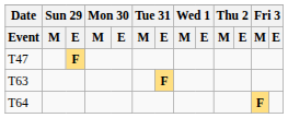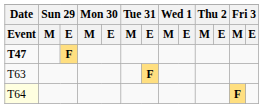 <table class="wikitable" style="margin:0.5em auto; font-size:90%; line-height:1.25em;">
 <tr align="center">
 </tr>
 <tr>
 <th>Date</th>
 <th colspan="2">Sun 29</th>
 <th colspan="2">Mon 30</th>
 <th colspan="2">Tue 31</th>
 <th colspan="2">Wed 1</th>
 <th colspan="2">Thu 2</th>
 <th colspan="2">Fri 3</th>
 </tr>
 <tr>
 <th>Event</th>
 <th>M</th>
 <th>E</th>
 <th>M</th>
 <th>E</th>
 <th>M</th>
 <th>E</th>
 <th>M</th>
 <th>E</th>
 <th>M</th>
 <th>E</th>
 <th>M</th>
 <th>E</th>
 </tr>
 <tr align="center">
-<td align="left">T47</td>
+<td align="left"><strong>T47</strong></td>
 <td></td>
 <td bgcolor="#FFDF80"><strong>F</strong></td>
 <td colspan="2"></td>
 <td colspan="2"></td>
 <td colspan="2"></td>
 <td colspan="2"></td>
 <td colspan="2"></td>
 </tr>
 <tr align="center">
 <td align="left">T63</td>
 <td colspan="2"></td>
 <td colspan="2"></td>
 <td></td>
 <td bgcolor="#FFDF80"><strong>F</strong></td>
 <td colspan="2"></td>
 <td colspan="2"></td>
 <td colspan="2"></td>
 </tr>
 <tr align="center">
-<td align="left">T64</td>
+<td align="left" style="background: lightyellow;">T64</td>
 <td colspan="2"></td>
 <td colspan="2"></td>
 <td colspan="2"></td>
 <td colspan="2"></td>
 <td colspan="2"></td>
 <td bgcolor="#FFDF80"><strong>F</strong></td>
 <td></td>
 </tr>
 </table>
